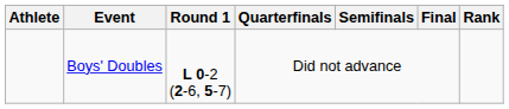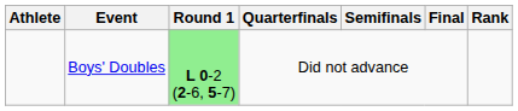 <table class=wikitable style="font-size:90%">
 <tr>
 <th>Athlete</th>
 <th>Event</th>
 <th>Round 1</th>
 <th>Quarterfinals</th>
 <th>Semifinals</th>
 <th>Final</th>
 <th>Rank</th>
 </tr>
 <tr>
 <td> <br></td>
 <td><a href='#'>Boys' Doubles</a></td>
-<td align=center><br><br><strong>L</strong> <strong>0</strong>-2<br> (<strong>2</strong>-6, <strong>5</strong>-7)</td>
+<td align=center style="background: lightgreen;"><br><br><strong>L</strong> <strong>0</strong>-2<br> (<strong>2</strong>-6, <strong>5</strong>-7)</td>
 <td colspan=3 align=center>Did not advance</td>
 <td align=center></td>
 </tr>
 </table>
